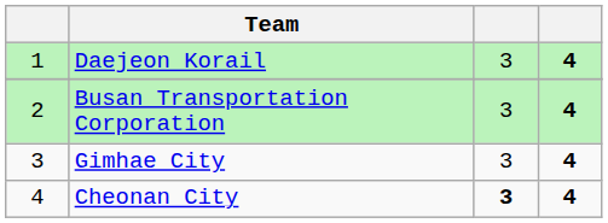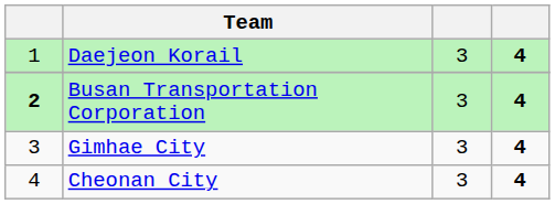 <table class="wikitable" style="text-align:center;">
 <tr>
 <th width=30></th>
 <th width=225>Team</th>
 <th width=30></th>
 <th width=30></th>
 </tr>
 <tr bgcolor=#bbf3bb>
 <td>1</td>
 <td align=left><a href='#'>Daejeon Korail</a></td>
 <td>3</td>
 <td><strong>4</strong></td>
 </tr>
 <tr>
 </tr>
 <tr bgcolor=#bbf3bb>
-<td>2</td>
+<td><strong>2</strong></td>
 <td align=left><a href='#'>Busan Transportation Corporation</a></td>
 <td>3</td>
 <td><strong>4</strong></td>
 </tr>
 <tr>
 <td>3</td>
 <td align=left><a href='#'>Gimhae City</a></td>
 <td>3</td>
 <td><strong>4</strong></td>
 </tr>
 <tr>
 <td>4</td>
 <td align=left><a href='#'>Cheonan City</a></td>
-<td><strong>3</strong></td>
+<td>3</td>
 <td><strong>4</strong></td>
 </tr>
 </table>
